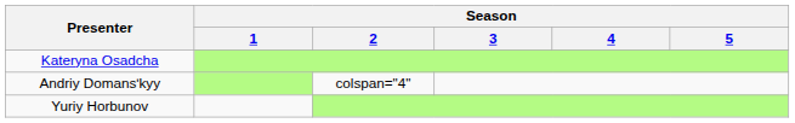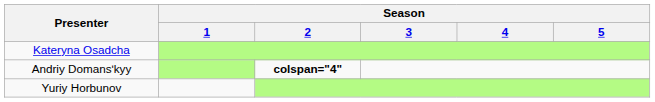 <table class="wikitable" style="text-align:center; width:70%">
 <tr>
 <th rowspan="2" width="16%">Presenter</th>
 <th colspan="6">Season</th>
 </tr>
 <tr>
 <th width="10%"><a href='#'>1</a></th>
 <th width="10%"><a href='#'>2</a></th>
 <th width="10%"><a href='#'>3</a></th>
 <th width="10%"><a href='#'>4</a></th>
 <th width="10%"><a href='#'>5</a></th>
 </tr>
 <tr>
 <td><a href='#'>Kateryna Osadcha</a></td>
 <td colspan="5" style="background:#B4FB84"></td>
 </tr>
 <tr>
 <td>Andriy Domansʹkyy</td>
 <td style="background:#B4FB84"></td>
-<td>colspan="4" </td>
+<td><strong>colspan="4" </strong></td>
 </tr>
 <tr>
 <td>Yuriy Horbunov</td>
 <td></td>
 <td colspan="4" style="background:#B4FB84"></td>
 </tr>
 </table>
